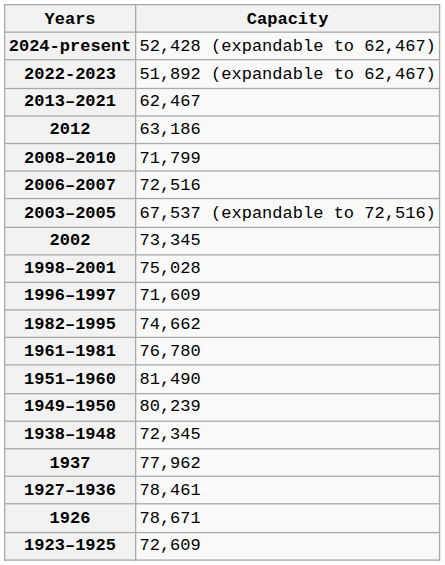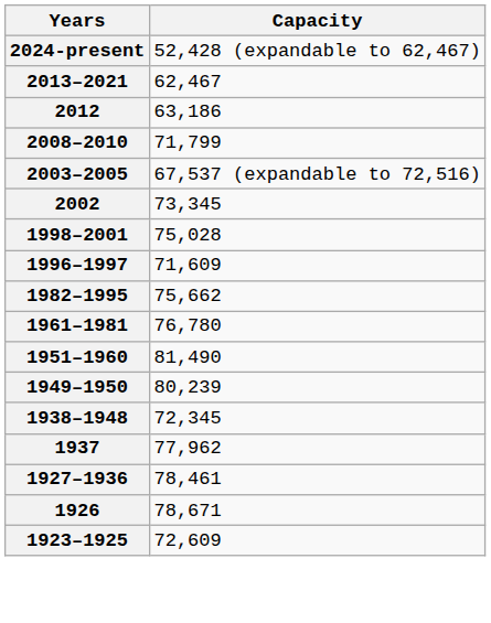 <table class="wikitable">
 <tr>
 <th scope="row">Years</th>
 <th scope="row">Capacity</th>
 </tr>
 <tr>
 <th scope="row">2024-present</th>
 <td>52,428 (expandable to 62,467)</td>
-</tr>
-<tr>
-<th scope="row">2022-2023</th>
-<td>51,892 (expandable to 62,467)</td>
 </tr>
 <tr>
 <th scope="row">2013–2021</th>
 <td>62,467</td>
 </tr>
 <tr>
 <th scope="row">2012</th>
 <td>63,186</td>
 </tr>
 <tr>
 <th scope="row">2008–2010</th>
 <td>71,799</td>
-</tr>
-<tr>
-<th scope="row">2006–2007</th>
-<td>72,516</td>
 </tr>
 <tr>
 <th scope="row">2003–2005</th>
 <td>67,537 (expandable to 72,516)</td>
 </tr>
 <tr>
 <th scope="row">2002</th>
 <td>73,345</td>
 </tr>
 <tr>
 <th scope="row">1998–2001</th>
 <td>75,028</td>
 </tr>
 <tr>
 <th scope="row">1996–1997</th>
 <td>71,609</td>
 </tr>
 <tr>
 <th scope="row">1982–1995</th>
-<td>74,662</td>
+<td>75,662</td>
 </tr>
 <tr>
 <th scope="row">1961–1981</th>
 <td>76,780</td>
 </tr>
 <tr>
 <th scope="row">1951–1960</th>
 <td>81,490</td>
 </tr>
 <tr>
 <th scope="row">1949–1950</th>
 <td>80,239</td>
 </tr>
 <tr>
 <th scope="row">1938–1948</th>
 <td>72,345</td>
 </tr>
 <tr>
 <th scope="row">1937</th>
 <td>77,962</td>
 </tr>
 <tr>
 <th scope="row">1927–1936</th>
 <td>78,461</td>
 </tr>
 <tr>
 <th scope="row">1926</th>
 <td>78,671</td>
 </tr>
 <tr>
 <th scope="row">1923–1925</th>
 <td>72,609</td>
 </tr>
 </table>
